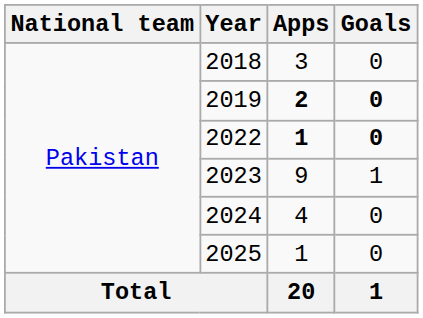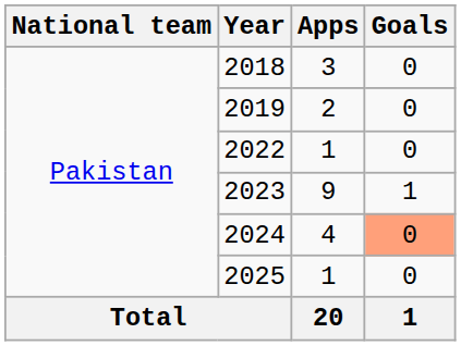 <table class="wikitable" style="text-align:center">
 <tr>
 <th>National team</th>
 <th>Year</th>
 <th>Apps</th>
 <th>Goals</th>
 </tr>
 <tr>
 <td rowspan="6"><a href='#'>Pakistan</a></td>
 <td>2018</td>
 <td>3</td>
 <td>0</td>
 </tr>
 <tr>
 <td>2019</td>
-<td><strong>2</strong></td>
-<td><strong>0</strong></td>
+<td>2</td>
+<td>0</td>
 </tr>
 <tr>
 <td>2022</td>
-<td><strong>1</strong></td>
-<td><strong>0</strong></td>
+<td>1</td>
+<td>0</td>
 </tr>
 <tr>
 <td>2023</td>
 <td>9</td>
 <td>1</td>
 </tr>
 <tr>
 <td>2024</td>
 <td>4</td>
-<td>0</td>
+<td style="background: lightsalmon;">0</td>
 </tr>
 <tr>
 <td>2025</td>
 <td>1</td>
 <td>0</td>
 </tr>
 <tr>
 <th colspan="2">Total</th>
 <th>20</th>
 <th>1</th>
 </tr>
 </table>
